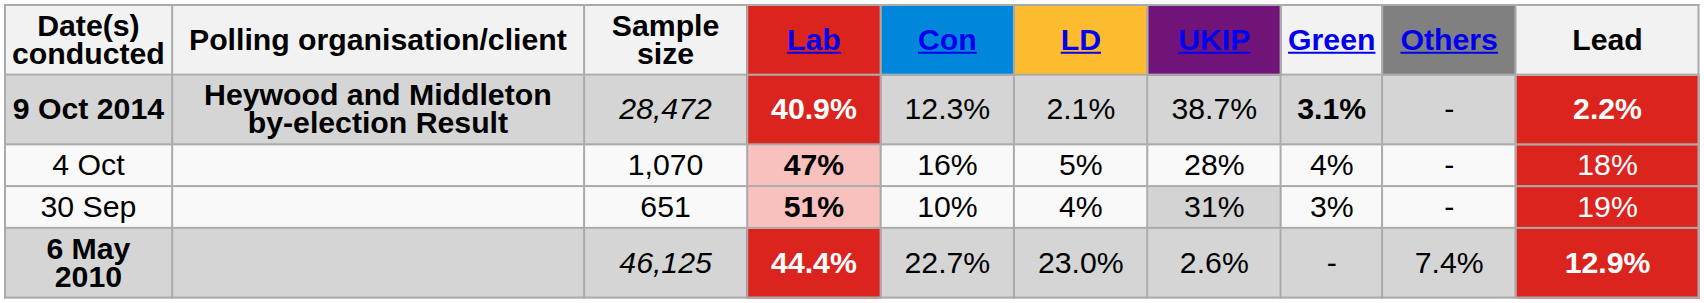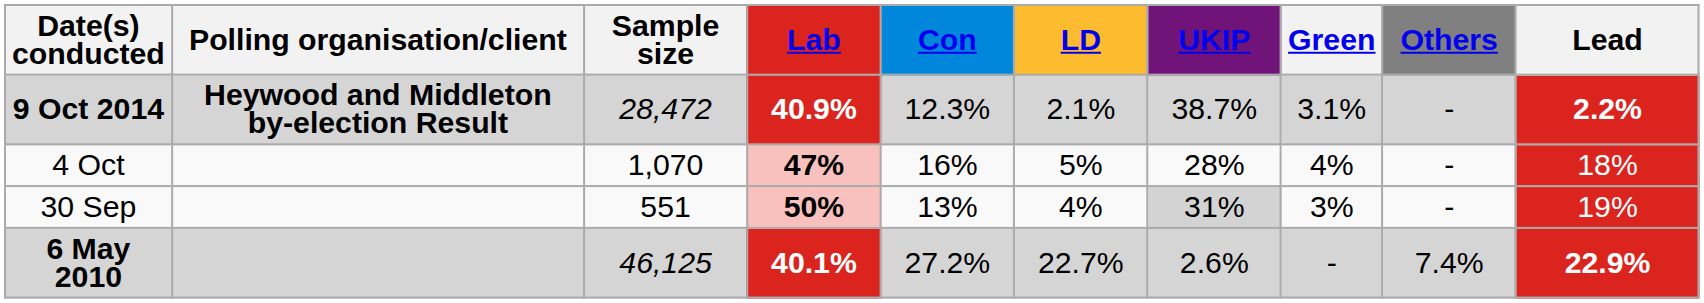 <table class="wikitable sortable" style="text-align:center;font-size:95%;line-height:14px">
 <tr>
 <th ! style="width:75px;">Date(s)<br>conducted</th>
 <th style="width:200px;">Polling organisation/client</th>
 <th class="unsortable" style="width:75px;">Sample size</th>
 <th class="unsortable"  style="background:#dc241f; width:60px;"><a href='#'><span>Lab</span></a></th>
 <th class="unsortable"  style="background:#0087dc; width:60px;"><a href='#'><span>Con</span></a></th>
 <th class="unsortable"  style="background:#fdbb30; width:60px;"><a href='#'><span>LD</span></a></th>
 <th class="unsortable"  style="background:#70147a; width:60px;"><a href='#'><span>UKIP</span></a></th>
 <th class="unsortable" style="background:"><a href='#'><span>Green</span></a></th>
 <th class="unsortable"  style="background:gray; width:60px;"><a href='#'><span>Others</span></a></th>
 <th class="unsortable" style="width:85px;">Lead</th>
 </tr>
 <tr>
 <td style="background:#D5D5D5"><strong>9 Oct 2014</strong></td>
 <td style="background:#D5D5D5"><strong>Heywood and Middleton by-election Result</strong></td>
 <td style="background:#D5D5D5"><em>28,472</em></td>
 <td style="background:#dc241f; color:white;"><strong>40.9%</strong></td>
 <td style="background:#D5D5D5">12.3%</td>
 <td style="background:#D5D5D5">2.1%</td>
 <td style="background:#D5D5D5">38.7%</td>
-<td style="background:#D5D5D5"><strong>3.1%</strong></td>
+<td style="background:#D5D5D5">3.1%</td>
 <td style="background:#D5D5D5">-</td>
 <td style="background:#dc241f; color:white;"><strong>2.2% </strong></td>
 </tr>
 <tr>
 <td>4 Oct</td>
 <td></td>
 <td>1,070</td>
 <td style="background:#F8C1BE"><strong>47%</strong></td>
 <td>16%</td>
 <td>5%</td>
 <td>28%</td>
 <td>4%</td>
 <td>-</td>
 <td style="background:#dc241f; color:white;">18%</td>
 </tr>
 <tr>
 <td>30 Sep</td>
 <td></td>
-<td>651</td>
-<td style="background:#F8C1BE"><strong>51%</strong></td>
-<td>10%</td>
+<td>551</td>
+<td style="background:#F8C1BE"><strong>50%</strong></td>
+<td>13%</td>
 <td>4%</td>
 <td style="background: lightgrey;">31%</td>
 <td>3%</td>
 <td>-</td>
 <td style="background:#dc241f; color:white;">19%</td>
 </tr>
 <tr>
 <td style="background:#D5D5D5"><strong>6 May 2010</strong></td>
 <td style="background:#D5D5D5"></td>
 <td style="background:#D5D5D5"><em>46,125</em></td>
-<td style="background:#dc241f; color:white;"><strong>44.4%</strong></td>
+<td style="background:#dc241f; color:white;"><strong>40.1%</strong></td>
+<td style="background:#D5D5D5">27.2%</td>
 <td style="background:#D5D5D5">22.7%</td>
-<td style="background:#D5D5D5">23.0%</td>
 <td style="background:#D5D5D5">2.6%</td>
 <td style="background:#D5D5D5">-</td>
 <td style="background:#D5D5D5">7.4%</td>
-<td style="background:#dc241f; color:white;"><strong>12.9%</strong></td>
+<td style="background:#dc241f; color:white;"><strong>22.9%</strong></td>
 </tr>
 </table>
